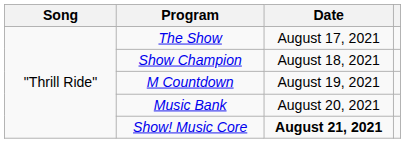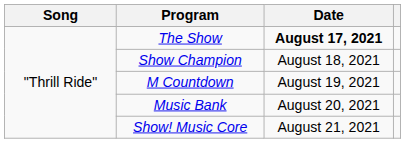 <table class="wikitable" style="text-align:center">
 <tr>
 <th width="120">Song</th>
 <th width="160">Program</th>
 <th width="140">Date</th>
 <th class="unsortable"></th>
 </tr>
 <tr>
 <td rowspan="5">"Thrill Ride"</td>
 <td><em><a href='#'>The Show</a></em></td>
-<td>August 17, 2021</td>
+<td><strong>August 17, 2021</strong></td>
 <td></td>
 </tr>
 <tr>
 <td><em><a href='#'>Show Champion</a></em></td>
 <td>August 18, 2021</td>
 <td></td>
 </tr>
 <tr>
 <td><em><a href='#'>M Countdown</a></em></td>
 <td>August 19, 2021</td>
 <td></td>
 </tr>
 <tr>
 <td><em><a href='#'>Music Bank</a></em></td>
 <td>August 20, 2021</td>
 <td></td>
 </tr>
 <tr>
 <td><em><a href='#'>Show! Music Core</a></em></td>
-<td><strong>August 21, 2021</strong></td>
+<td>August 21, 2021</td>
 <td></td>
 </tr>
 </table>
